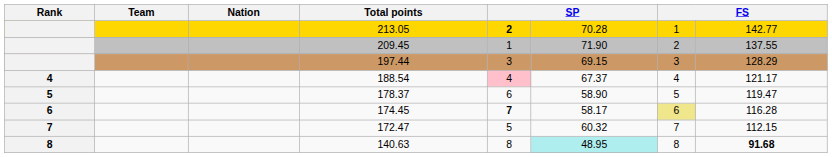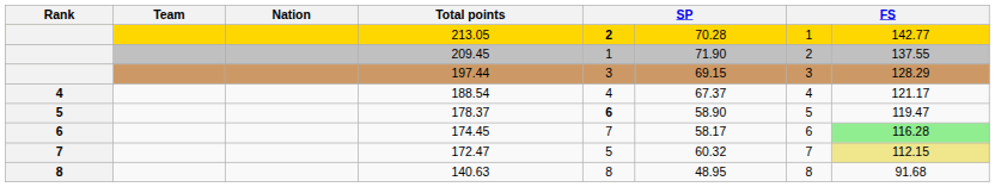 <table class="wikitable sortable" style="text-align:center;" width="80%">
 <tr>
 <th scope="col">Rank</th>
 <th scope="col">Team</th>
 <th scope="col">Nation</th>
 <th scope="col">Total points</th>
 <th scope="col" colspan="2" width="80px"><a href='#'>SP</a></th>
 <th scope="col" colspan="2" width="80px"><a href='#'>FS</a></th>
 </tr>
 <tr bgcolor="gold">
 <th scope="row"></th>
 <td align="left"></td>
 <td align="left"></td>
 <td>213.05</td>
 <td><strong>2</strong></td>
 <td>70.28</td>
 <td>1</td>
 <td>142.77</td>
 </tr>
 <tr bgcolor="silver">
 <th scope="row"></th>
 <td align="left"></td>
 <td align="left"></td>
 <td>209.45</td>
 <td>1</td>
 <td>71.90</td>
 <td>2</td>
 <td>137.55</td>
 </tr>
 <tr bgcolor="cc9966">
 <th scope="row"></th>
 <td align="left"></td>
 <td align="left"></td>
 <td>197.44</td>
 <td>3</td>
 <td>69.15</td>
 <td>3</td>
 <td>128.29</td>
 </tr>
 <tr>
 <th scope="row">4</th>
 <td align="left"></td>
 <td align="left"></td>
 <td>188.54</td>
-<td style="background: pink;">4</td>
+<td>4</td>
 <td>67.37</td>
 <td>4</td>
 <td>121.17</td>
 </tr>
 <tr>
 <th scope="row">5</th>
 <td align="left"></td>
 <td align="left"></td>
 <td>178.37</td>
-<td>6</td>
+<td><strong>6</strong></td>
 <td>58.90</td>
 <td>5</td>
 <td>119.47</td>
 </tr>
 <tr>
 <th scope="row">6</th>
 <td align="left"></td>
 <td align="left"></td>
 <td>174.45</td>
-<td><strong>7</strong></td>
+<td>7</td>
 <td>58.17</td>
-<td style="background: khaki;">6</td>
-<td>116.28</td>
+<td>6</td>
+<td style="background: lightgreen;">116.28</td>
 </tr>
 <tr>
 <th scope="row">7</th>
 <td align="left"></td>
 <td align="left"></td>
 <td>172.47</td>
 <td>5</td>
 <td>60.32</td>
 <td>7</td>
-<td>112.15</td>
+<td style="background: khaki;">112.15</td>
 </tr>
 <tr>
 <th scope="row">8</th>
 <td align="left"></td>
 <td align="left"></td>
 <td>140.63</td>
 <td>8</td>
-<td style="background: paleturquoise;">48.95</td>
+<td>48.95</td>
 <td>8</td>
-<td><strong>91.68</strong></td>
+<td>91.68</td>
 </tr>
 </table>
